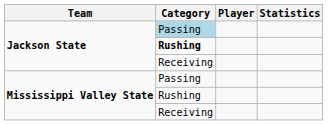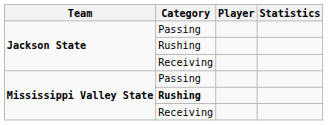 <table class="wikitable" style="float: left;">
 <tr>
 <th>Team</th>
 <th>Category</th>
 <th>Player</th>
 <th>Statistics</th>
 </tr>
 <tr>
 <td rowspan=3><strong>Jackson State</strong></td>
-<td style="background: lightblue;">Passing</td>
+<td>Passing</td>
 <td> </td>
 <td> </td>
 </tr>
 <tr>
-<td><strong>Rushing</strong></td>
+<td>Rushing</td>
 <td> </td>
 <td> </td>
 </tr>
 <tr>
 <td>Receiving</td>
 <td> </td>
 <td> </td>
 </tr>
 <tr>
 <td rowspan=3><strong>Mississippi Valley State</strong></td>
 <td>Passing</td>
 <td> </td>
 <td> </td>
 </tr>
 <tr>
-<td>Rushing</td>
+<td><strong>Rushing</strong></td>
 <td> </td>
 <td> </td>
 </tr>
 <tr>
 <td>Receiving</td>
 <td> </td>
 <td> </td>
 </tr>
 </table>
